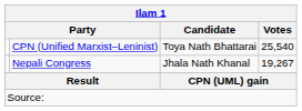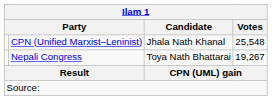 <table class="wikitable">
 <tr>
 <th colspan="4"><a href='#'>Ilam 1</a></th>
 </tr>
 <tr>
 <th colspan="2">Party</th>
 <th>Candidate</th>
 <th>Votes</th>
 </tr>
 <tr>
 <td style="background-color:"></td>
 <td><a href='#'>CPN (Unified Marxist–Leninist)</a></td>
-<td>Toya Nath Bhattarai</td>
-<td>25,540</td>
+<td>Jhala Nath Khanal</td>
+<td>25,548</td>
 </tr>
 <tr>
 <td style="background-color:"></td>
 <td><a href='#'>Nepali Congress</a></td>
-<td>Jhala Nath Khanal</td>
+<td>Toya Nath Bhattarai</td>
 <td>19,267</td>
 </tr>
 <tr>
 <th colspan="2">Result</th>
 <th colspan="2">CPN (UML) gain</th>
 </tr>
 <tr>
 <td colspan="4">Source: </td>
 </tr>
 </table>
